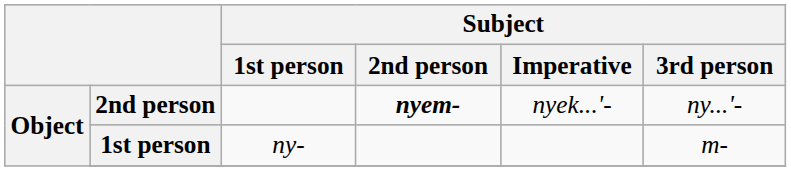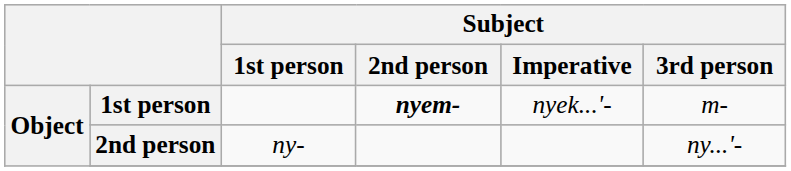 <table class="wikitable">
 <tr>
 <th rowspan=2 colspan=2></th>
 <th colspan=4> Subject </th>
 </tr>
 <tr>
 <th> 1st person </th>
 <th> 2nd person </th>
 <th> Imperative </th>
 <th> 3rd person </th>
 </tr>
 <tr align="center">
 <th rowspan=3>Object</th>
-<th>2nd person</th>
+<th>1st person</th>
 <td></td>
 <td><strong><em>nyem-</em></strong></td>
 <td><em>nyek...'-</em></td>
-<td><em>ny...'-</em></td>
+<td><em>m-</em></td>
 </tr>
 <tr align="center">
-<th>1st person</th>
+<th>2nd person</th>
 <td><em>ny-</em></td>
 <td></td>
 <td></td>
-<td><em>m-</em></td>
+<td><em>ny...'-</em></td>
 </tr>
 <tr align="center">
 </tr>
 </table>
